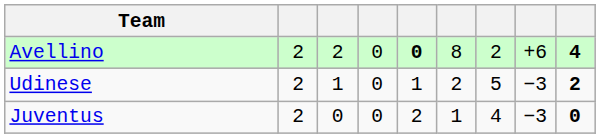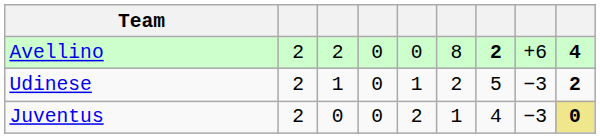 <table class="wikitable" style="text-align: center;">
 <tr>
 <th width=175>Team</th>
 <th width=20></th>
 <th width=20></th>
 <th width=20></th>
 <th width=20></th>
 <th width=20></th>
 <th width=20></th>
 <th width=20></th>
 <th width=20></th>
 </tr>
 <tr bgcolor="#ccffcc">
 <td align=left><a href='#'>Avellino</a></td>
 <td>2</td>
 <td>2</td>
 <td>0</td>
-<td><strong>0</strong></td>
+<td>0</td>
 <td>8</td>
-<td>2</td>
+<td><strong>2</strong></td>
 <td>+6</td>
 <td><strong>4</strong></td>
 </tr>
 <tr>
 <td align=left><a href='#'>Udinese</a></td>
 <td>2</td>
 <td>1</td>
 <td>0</td>
 <td>1</td>
 <td>2</td>
 <td>5</td>
 <td>−3</td>
 <td><strong>2</strong></td>
 </tr>
 <tr>
 <td align=left><a href='#'>Juventus</a></td>
 <td>2</td>
 <td>0</td>
 <td>0</td>
 <td>2</td>
 <td>1</td>
 <td>4</td>
 <td>−3</td>
-<td><strong>0</strong></td>
+<td style="background: khaki;"><strong>0</strong></td>
 </tr>
 </table>
